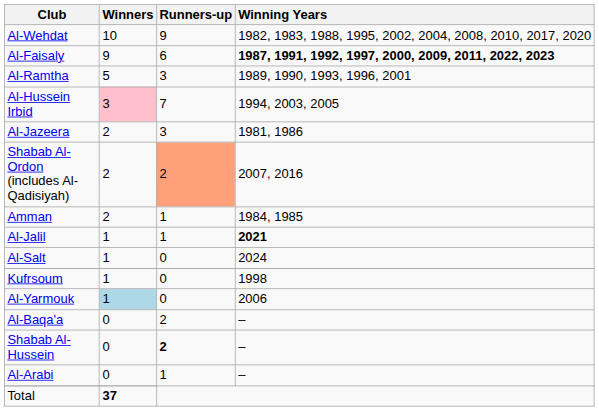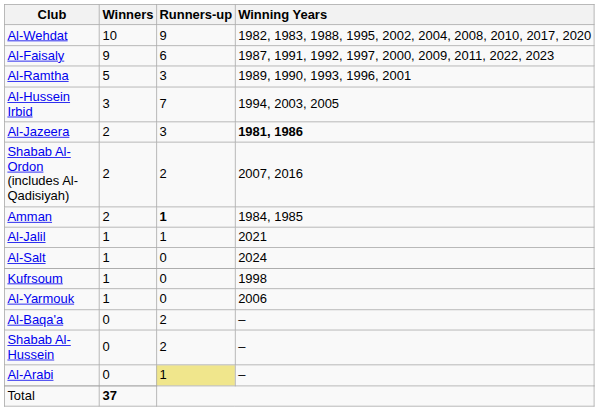 <table class=wikitable>
 <tr>
 <th width="110">Club</th>
 <th style="text-align:left">Winners</th>
 <th style="text-align:left">Runners-up</th>
 <th style="text-align:left">Winning Years</th>
 </tr>
 <tr>
 <td><a href='#'>Al-Wehdat</a></td>
 <td>10</td>
 <td>9</td>
 <td>1982, 1983, 1988, 1995, 2002, 2004, 2008, 2010, 2017, 2020</td>
 </tr>
 <tr>
 <td><a href='#'>Al-Faisaly</a></td>
 <td>9</td>
 <td>6</td>
-<td><strong>1987, 1991, 1992, 1997, 2000, 2009, 2011, 2022, 2023</strong></td>
+<td>1987, 1991, 1992, 1997, 2000, 2009, 2011, 2022, 2023</td>
 </tr>
 <tr>
 <td><a href='#'>Al-Ramtha</a></td>
 <td>5</td>
 <td>3</td>
 <td>1989, 1990, 1993, 1996, 2001</td>
 </tr>
 <tr>
 <td><a href='#'>Al-Hussein Irbid</a></td>
-<td style="background: pink;">3</td>
+<td>3</td>
 <td>7</td>
 <td>1994, 2003, 2005</td>
 </tr>
 <tr>
 <td><a href='#'>Al-Jazeera</a></td>
 <td>2</td>
 <td>3</td>
-<td>1981, 1986</td>
+<td><strong>1981, 1986</strong></td>
 </tr>
 <tr>
 <td><a href='#'>Shabab Al-Ordon</a><br>(includes Al-Qadisiyah)</td>
 <td>2</td>
-<td style="background: lightsalmon;">2</td>
+<td>2</td>
 <td>2007, 2016</td>
 </tr>
 <tr>
 <td><a href='#'>Amman</a></td>
 <td>2</td>
-<td>1</td>
+<td><strong>1</strong></td>
 <td>1984, 1985</td>
 </tr>
 <tr>
 <td><a href='#'>Al-Jalil</a></td>
 <td>1</td>
 <td>1</td>
-<td><strong>2021</strong></td>
+<td>2021</td>
 </tr>
 <tr>
 <td><a href='#'>Al-Salt</a></td>
 <td>1</td>
 <td>0</td>
 <td>2024</td>
 </tr>
 <tr>
 </tr>
 <tr>
 </tr>
 <tr>
 <td><a href='#'>Kufrsoum</a></td>
 <td>1</td>
 <td>0</td>
 <td>1998</td>
 </tr>
 <tr>
 <td><a href='#'>Al-Yarmouk</a></td>
-<td style="background: lightblue;">1</td>
+<td>1</td>
 <td>0</td>
 <td>2006</td>
 </tr>
 <tr>
 <td><a href='#'>Al-Baqa'a</a></td>
 <td>0</td>
 <td>2</td>
 <td>–</td>
 </tr>
 <tr>
 <td><a href='#'>Shabab Al-Hussein</a></td>
 <td>0</td>
-<td><strong>2</strong></td>
+<td>2</td>
 <td>–</td>
 </tr>
 <tr>
 <td><a href='#'>Al-Arabi</a></td>
 <td>0</td>
-<td>1</td>
+<td style="background: khaki;">1</td>
 <td>–</td>
 </tr>
 <tr>
 </tr>
 <tr>
 <td>Total</td>
 <td><strong>37</strong></td>
 </tr>
 </table>
